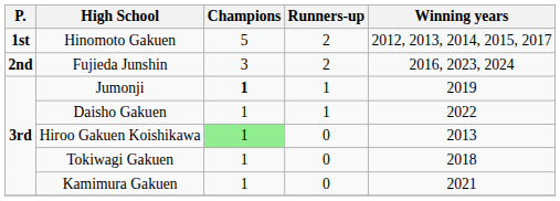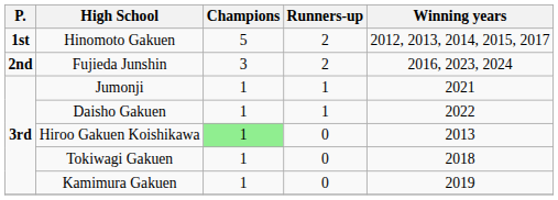 <table class="wikitable sortable" style="text-align: center;">
 <tr>
 <th>P.</th>
 <th>High School</th>
 <th>Champions</th>
 <th>Runners-up</th>
 <th>Winning years</th>
 </tr>
 <tr>
 <td><strong>1st</strong></td>
 <td>Hinomoto Gakuen</td>
 <td>5</td>
 <td>2</td>
 <td>2012, 2013, 2014, 2015, 2017</td>
 </tr>
 <tr>
 <td><strong>2nd</strong></td>
 <td>Fujieda Junshin</td>
 <td>3</td>
 <td>2</td>
 <td>2016, 2023, 2024</td>
 </tr>
 <tr>
 <td rowspan="5"><strong>3rd</strong></td>
 <td>Jumonji</td>
-<td><strong>1</strong></td>
 <td>1</td>
-<td>2019</td>
+<td>1</td>
+<td>2021</td>
 </tr>
 <tr>
 <td>Daisho Gakuen</td>
 <td>1</td>
 <td>1</td>
 <td>2022</td>
 </tr>
 <tr>
 <td>Hiroo Gakuen Koishikawa</td>
 <td style="background: lightgreen;">1</td>
 <td>0</td>
 <td>2013</td>
 </tr>
 <tr>
 <td>Tokiwagi Gakuen</td>
 <td>1</td>
 <td>0</td>
 <td>2018</td>
 </tr>
 <tr>
 <td>Kamimura Gakuen</td>
 <td>1</td>
 <td>0</td>
-<td>2021</td>
+<td>2019</td>
 </tr>
 <tr>
 </tr>
 </table>
